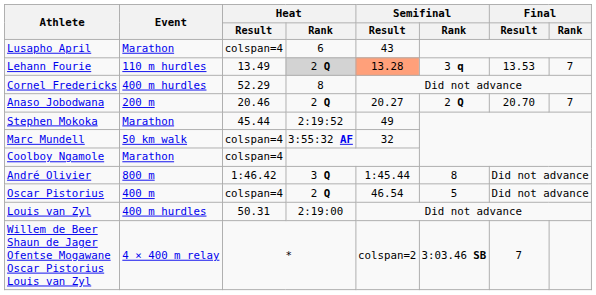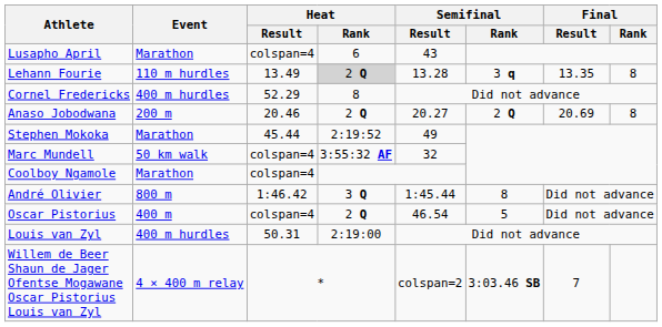 <table class="wikitable" style="font-size:90%">
 <tr>
 <th rowspan="2">Athlete</th>
 <th rowspan="2">Event</th>
 <th colspan="2">Heat</th>
 <th colspan="2">Semifinal</th>
 <th colspan="2">Final</th>
 </tr>
 <tr style="font-size:95%">
 <th>Result</th>
 <th>Rank</th>
 <th>Result</th>
 <th>Rank</th>
 <th>Result</th>
 <th>Rank</th>
 </tr>
 <tr align=center>
 <td align=left><a href='#'>Lusapho April</a></td>
 <td align=left><a href='#'>Marathon</a></td>
 <td>colspan=4 </td>
 <td>6</td>
 <td>43</td>
 </tr>
 <tr align=center>
 <td align=left><a href='#'>Lehann Fourie</a></td>
 <td align=left><a href='#'>110 m hurdles</a></td>
 <td>13.49</td>
 <td style="background: lightgrey;">2 <strong>Q</strong></td>
-<td style="background: lightsalmon;">13.28</td>
+<td>13.28</td>
 <td>3 <strong>q</strong></td>
-<td>13.53</td>
-<td>7</td>
+<td>13.35</td>
+<td>8</td>
 </tr>
 <tr align=center>
 <td align=left><a href='#'>Cornel Fredericks</a></td>
 <td align=left><a href='#'>400 m hurdles</a></td>
 <td>52.29</td>
 <td>8</td>
 <td colspan=4>Did not advance</td>
 </tr>
 <tr align=center>
 <td align=left><a href='#'>Anaso Jobodwana</a></td>
 <td align=left><a href='#'>200 m</a></td>
 <td>20.46</td>
 <td>2 <strong>Q</strong></td>
 <td>20.27</td>
 <td>2 <strong>Q</strong></td>
-<td>20.70</td>
-<td>7</td>
+<td>20.69</td>
+<td>8</td>
 </tr>
 <tr align=center>
 <td align=left><a href='#'>Stephen Mokoka</a></td>
 <td align=left><a href='#'>Marathon</a></td>
 <td>45.44</td>
 <td>2:19:52</td>
 <td>49</td>
 </tr>
 <tr align=center>
 <td align=left><a href='#'>Marc Mundell</a></td>
 <td align=left><a href='#'>50 km walk</a></td>
 <td>colspan=4 </td>
 <td>3:55:32 <strong><a href='#'>AF</a></strong></td>
 <td>32</td>
 </tr>
 <tr align=center>
 <td align=left><a href='#'>Coolboy Ngamole</a></td>
 <td align=left><a href='#'>Marathon</a></td>
 <td>colspan=4 </td>
 <td colspan=2></td>
 </tr>
 <tr align=center>
 <td align=left><a href='#'>André Olivier</a></td>
 <td align=left><a href='#'>800 m</a></td>
 <td>1:46.42</td>
 <td>3 <strong>Q</strong></td>
 <td>1:45.44</td>
 <td>8</td>
 <td colspan=2>Did not advance</td>
 </tr>
 <tr align=center>
 <td align=left><a href='#'>Oscar Pistorius</a></td>
 <td align=left><a href='#'>400 m</a></td>
 <td>colspan=4 </td>
 <td>2 <strong>Q</strong></td>
 <td>46.54</td>
 <td>5</td>
 <td colspan=2>Did not advance</td>
 </tr>
 <tr align=center>
 <td align=left><a href='#'>Louis van Zyl</a></td>
 <td align=left><a href='#'>400 m hurdles</a></td>
 <td>50.31</td>
 <td>2:19:00</td>
 <td colspan=4>Did not advance</td>
 </tr>
 <tr align=center>
 <td align=left><a href='#'>Willem de Beer</a><br><a href='#'>Shaun de Jager</a><br><a href='#'>Ofentse Mogawane</a><br><a href='#'>Oscar Pistorius</a><br><a href='#'>Louis van Zyl</a></td>
 <td align=left><a href='#'>4 × 400 m relay</a></td>
 <td colspan=2>*</td>
 <td>colspan=2 </td>
 <td>3:03.46 <strong>SB</strong></td>
 <td>7</td>
 </tr>
 </table>
